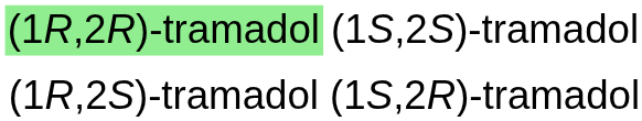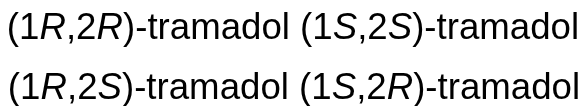 <table style="text-align: center;" class="floatright">
 <tr>
 <td></td>
 <td></td>
 </tr>
 <tr>
-<td style="background: lightgreen;">(1<em>R</em>,2<em>R</em>)-tramadol</td>
+<td>(1<em>R</em>,2<em>R</em>)-tramadol</td>
 <td>(1<em>S</em>,2<em>S</em>)-tramadol</td>
 </tr>
 <tr>
 <td></td>
 <td></td>
 </tr>
 <tr>
 <td>(1<em>R</em>,2<em>S</em>)-tramadol</td>
 <td>(1<em>S</em>,2<em>R</em>)-tramadol</td>
 </tr>
 </table>
